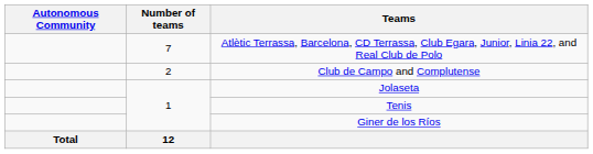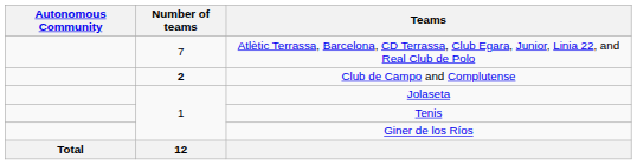 <table class="wikitable">
 <tr>
 <th><a href='#'>Autonomous Community</a></th>
 <th>Number of teams</th>
 <th>Teams</th>
 </tr>
 <tr>
 <td></td>
 <td align=center>7</td>
 <td align=center><a href='#'>Atlètic Terrassa</a>, <a href='#'>Barcelona</a>, <a href='#'>CD Terrassa</a>, <a href='#'>Club Egara</a>, <a href='#'>Junior</a>, <a href='#'>Linia 22</a>, and <a href='#'>Real Club de Polo</a></td>
 </tr>
 <tr>
 <td></td>
-<td align=center>2</td>
+<td align=center><strong>2</strong></td>
 <td align=center><a href='#'>Club de Campo</a> and <a href='#'>Complutense</a></td>
 </tr>
 <tr>
 <td></td>
 <td align=center rowspan=3>1</td>
 <td align=center><a href='#'>Jolaseta</a></td>
 </tr>
 <tr>
 <td></td>
 <td align=center><a href='#'>Tenis</a></td>
 </tr>
 <tr>
 <td></td>
 <td align=center><a href='#'>Giner de los Ríos</a></td>
 </tr>
 <tr>
 <th>Total</th>
 <th>12</th>
 <th></th>
 </tr>
 </table>
